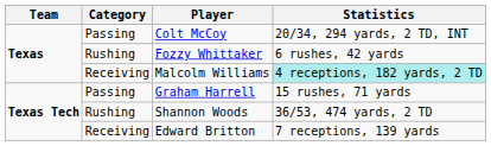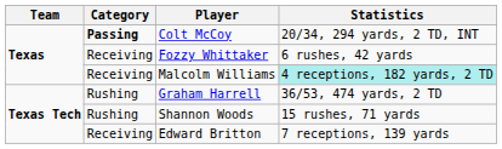 <table class="wikitable">
 <tr>
 <th>Team</th>
 <th>Category</th>
 <th>Player</th>
 <th>Statistics</th>
 </tr>
 <tr>
 <td rowspan=3><strong>Texas</strong></td>
-<td>Passing</td>
+<td><strong>Passing</strong></td>
 <td><a href='#'>Colt McCoy</a></td>
 <td>20/34, 294 yards, 2 TD, INT</td>
 </tr>
 <tr>
-<td>Rushing</td>
+<td>Receiving</td>
 <td><a href='#'>Fozzy Whittaker</a></td>
 <td>6 rushes, 42 yards</td>
 </tr>
 <tr>
 <td>Receiving</td>
 <td>Malcolm Williams</td>
 <td style="background: paleturquoise;">4 receptions, 182 yards, 2 TD</td>
 </tr>
 <tr>
 <td rowspan=3><strong>Texas Tech</strong></td>
-<td>Passing</td>
+<td>Rushing</td>
 <td><a href='#'>Graham Harrell</a></td>
-<td>15 rushes, 71 yards</td>
+<td>36/53, 474 yards, 2 TD</td>
 </tr>
 <tr>
 <td>Rushing</td>
 <td>Shannon Woods</td>
-<td>36/53, 474 yards, 2 TD</td>
+<td>15 rushes, 71 yards</td>
 </tr>
 <tr>
 <td>Receiving</td>
 <td>Edward Britton</td>
 <td>7 receptions, 139 yards</td>
 </tr>
 </table>
